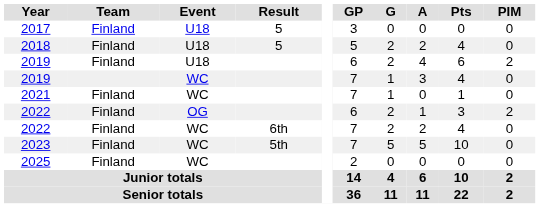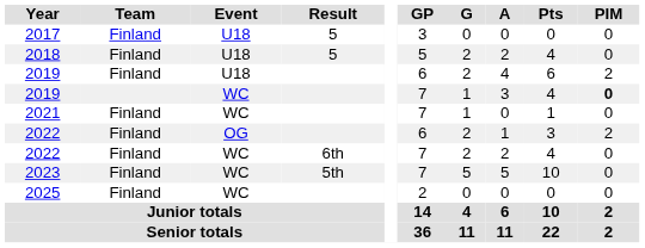 <table border="0" cellpadding="1" cellspacing="0" style="text-align:center; width:40em">
 <tr ALIGN="centre" bgcolor="#e0e0e0">
 <th>Year</th>
 <th>Team</th>
 <th>Event</th>
 <th>Result</th>
 <th rowspan="97" bgcolor="#ffffff"> </th>
 <th>GP</th>
 <th>G</th>
 <th>A</th>
 <th>Pts</th>
 <th>PIM</th>
 </tr>
 <tr>
 <td><a href='#'>2017</a></td>
 <td><a href='#'>Finland</a></td>
 <td><a href='#'>U18</a></td>
 <td>5</td>
 <td>3</td>
 <td>0</td>
 <td>0</td>
 <td>0</td>
 <td>0</td>
 </tr>
 <tr bgcolor="#f0f0f0">
 <td><a href='#'>2018</a></td>
 <td>Finland</td>
 <td>U18</td>
 <td>5</td>
 <td>5</td>
 <td>2</td>
 <td>2</td>
 <td>4</td>
 <td>0</td>
 </tr>
 <tr>
 <td><a href='#'>2019</a></td>
 <td>Finland</td>
 <td>U18</td>
 <td></td>
 <td>6</td>
 <td>2</td>
 <td>4</td>
 <td>6</td>
 <td>2</td>
 </tr>
 <tr bgcolor="#f0f0f0">
 <td><a href='#'>2019</a></td>
 <td></td>
 <td><a href='#'>WC</a></td>
 <td></td>
 <td>7</td>
 <td>1</td>
 <td>3</td>
 <td>4</td>
-<td>0</td>
+<td><strong>0</strong></td>
 </tr>
 <tr>
 <td><a href='#'>2021</a></td>
 <td>Finland</td>
 <td>WC</td>
 <td></td>
 <td>7</td>
 <td>1</td>
 <td>0</td>
 <td>1</td>
 <td>0</td>
 </tr>
 <tr bgcolor="#f0f0f0">
 <td><a href='#'>2022</a></td>
 <td>Finland</td>
 <td><a href='#'>OG</a></td>
 <td></td>
 <td>6</td>
 <td>2</td>
 <td>1</td>
 <td>3</td>
 <td>2</td>
 </tr>
 <tr>
 <td><a href='#'>2022</a></td>
 <td>Finland</td>
 <td>WC</td>
 <td>6th</td>
 <td>7</td>
 <td>2</td>
 <td>2</td>
 <td>4</td>
 <td>0</td>
 </tr>
 <tr bgcolor="#f0f0f0">
 <td><a href='#'>2023</a></td>
 <td>Finland</td>
 <td>WC</td>
 <td>5th</td>
 <td>7</td>
 <td>5</td>
 <td>5</td>
 <td>10</td>
 <td>0</td>
 </tr>
 <tr>
 <td><a href='#'>2025</a></td>
 <td>Finland</td>
 <td>WC</td>
 <td></td>
 <td>2</td>
 <td>0</td>
 <td>0</td>
 <td>0</td>
 <td>0</td>
 </tr>
 <tr align="centre" bgcolor="#e0e0e0">
 <th colspan="4">Junior totals</th>
 <th>14</th>
 <th>4</th>
 <th>6</th>
 <th>10</th>
 <th>2</th>
 </tr>
 <tr align="centre" bgcolor="#e0e0e0">
 <th colspan="4">Senior totals</th>
 <th>36</th>
 <th>11</th>
 <th>11</th>
 <th>22</th>
 <th>2</th>
 </tr>
 </table>
